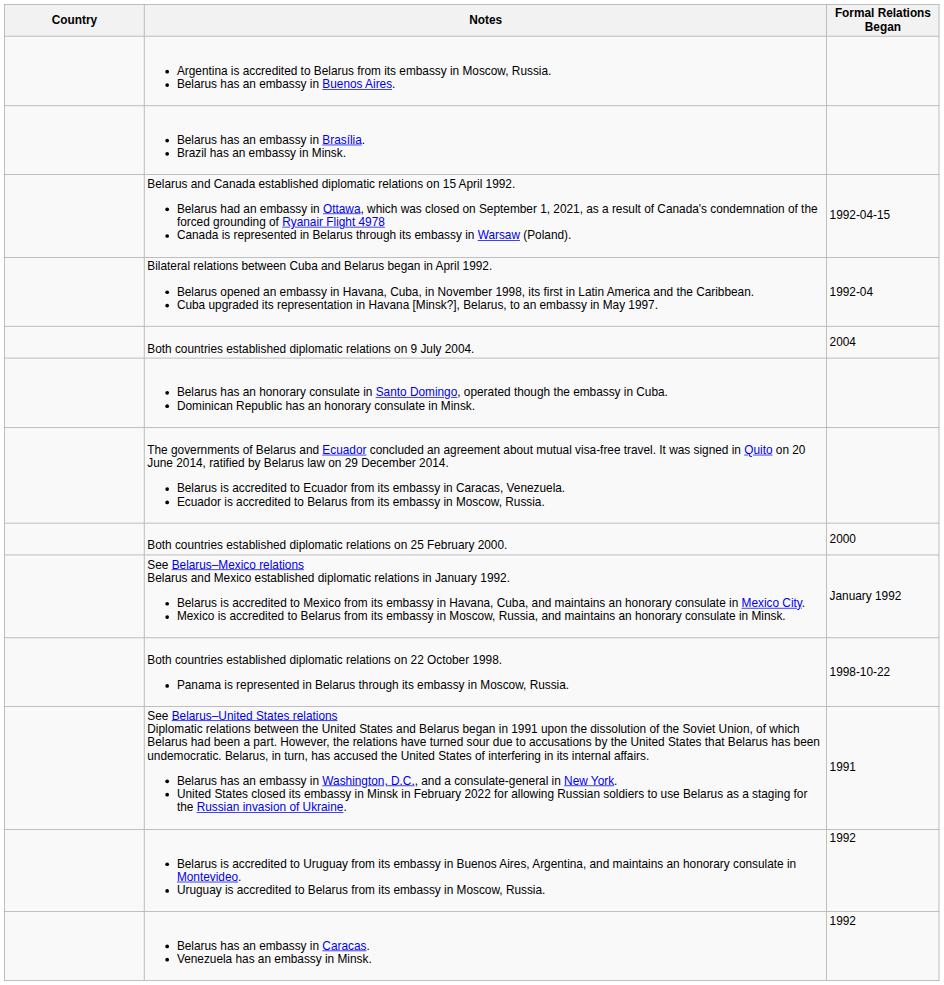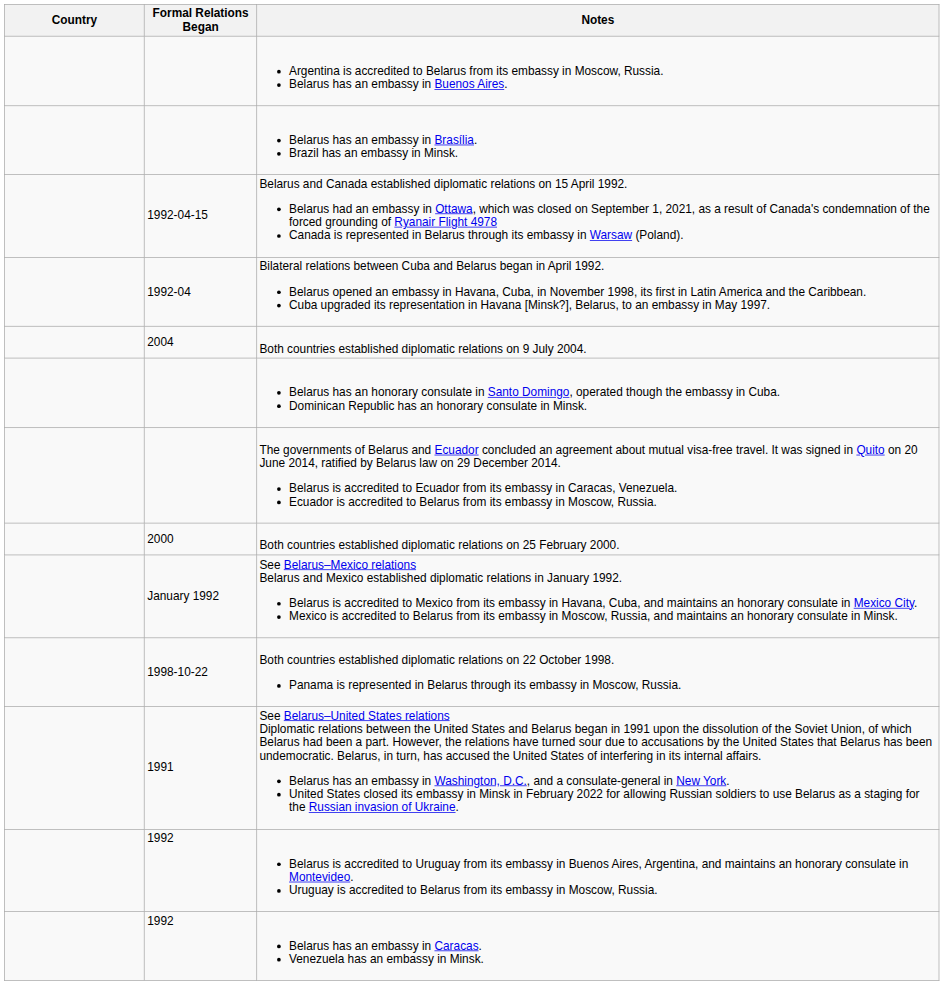 <table class="wikitable sortable" style="width:100%; margin:auto;">
 <tr>
 <th style="width:15%;">Country</th>
+<th style="width:12%;">Formal Relations Began</th>
 <th>Notes</th>
-<th style="width:12%;">Formal Relations Began</th>
 </tr>
 <tr - valign="top">
 <td></td>
+<td></td>
 <td><br><ul><li>Argentina is accredited to Belarus from its embassy in Moscow, Russia.</li><li>Belarus has an embassy in <a href='#'>Buenos Aires</a>.</li></ul></td>
-<td></td>
 </tr>
 <tr - valign="top">
 <td></td>
+<td></td>
 <td><br><ul><li>Belarus has an embassy in <a href='#'>Brasília</a>.</li><li>Brazil has an embassy in Minsk.</li></ul></td>
-<td></td>
 </tr>
 <tr -valign="top">
 <td></td>
+<td>1992-04-15</td>
 <td>Belarus and Canada established diplomatic relations on 15 April 1992.<br><ul><li>Belarus had an embassy in <a href='#'>Ottawa</a>, which was closed on September 1, 2021, as a result of Canada's condemnation of the forced grounding of <a href='#'>Ryanair Flight 4978</a></li><li>Canada is represented in Belarus through its embassy in <a href='#'>Warsaw</a> (Poland).</li></ul></td>
-<td>1992-04-15</td>
 </tr>
 <tr -valign="top">
 <td></td>
+<td>1992-04</td>
 <td>Bilateral relations between Cuba and Belarus began in April 1992.<br><ul><li>Belarus opened an embassy in Havana, Cuba, in November 1998, its first in Latin America and the Caribbean.</li><li>Cuba upgraded its representation in Havana [Minsk?], Belarus, to an embassy in May 1997.</li></ul></td>
-<td>1992-04</td>
 </tr>
 <tr -valign="top">
 <td></td>
+<td>2004</td>
 <td><br>Both countries established diplomatic relations on 9 July 2004.</td>
-<td>2004</td>
 </tr>
 <tr - valign="top">
 <td></td>
+<td></td>
 <td><br><ul><li>Belarus has an honorary consulate in <a href='#'>Santo Domingo</a>, operated though the embassy in Cuba.</li><li>Dominican Republic has an honorary consulate in Minsk.</li></ul></td>
-<td></td>
 </tr>
 <tr - valign="top">
 <td></td>
+<td></td>
 <td><br>The governments of Belarus and <a href='#'>Ecuador</a> concluded an agreement about mutual visa-free travel. It was signed in <a href='#'>Quito</a> on 20 June 2014, ratified by Belarus law on 29 December 2014.<ul><li>Belarus is accredited to Ecuador from its embassy in Caracas, Venezuela.</li><li>Ecuador is accredited to Belarus from its embassy in Moscow, Russia.</li></ul></td>
-<td></td>
 </tr>
 <tr -valign="top">
 <td></td>
+<td>2000</td>
 <td><br>Both countries established diplomatic relations on 25 February 2000.</td>
-<td>2000</td>
 </tr>
 <tr -valign="top">
 <td></td>
+<td>January 1992</td>
 <td>See <a href='#'>Belarus–Mexico relations</a><br>Belarus and Mexico established diplomatic relations in January 1992.<ul><li>Belarus is accredited to Mexico from its embassy in Havana, Cuba, and maintains an honorary consulate in <a href='#'>Mexico City</a>.</li><li>Mexico is accredited to Belarus from its embassy in Moscow, Russia, and maintains an honorary consulate in Minsk.</li></ul></td>
-<td>January 1992</td>
 </tr>
 <tr -valign="top">
 <td></td>
+<td>1998-10-22</td>
 <td><br>Both countries established diplomatic relations on 22 October 1998.<ul><li>Panama is represented in Belarus through its embassy in Moscow, Russia.</li></ul></td>
-<td>1998-10-22</td>
 </tr>
 <tr -valign="top">
 <td></td>
+<td>1991</td>
 <td>See <a href='#'>Belarus–United States relations</a><br> Diplomatic relations between the United States and Belarus began in 1991 upon the dissolution of the Soviet Union, of which Belarus had been a part. However, the relations have turned sour due to accusations by the United States that Belarus has been undemocratic. Belarus, in turn, has accused the United States of interfering in its internal affairs.<ul><li>Belarus has an embassy in <a href='#'>Washington, D.C.</a>, and a consulate-general in <a href='#'>New York</a>.</li><li>United States closed its embassy in Minsk in February 2022 for allowing Russian soldiers to use Belarus as a staging for the <a href='#'>Russian invasion of Ukraine</a>.</li></ul></td>
-<td>1991</td>
 </tr>
 <tr - valign="top">
 <td></td>
+<td>1992</td>
 <td><br><ul><li>Belarus is accredited to Uruguay from its embassy in Buenos Aires, Argentina, and maintains an honorary consulate in <a href='#'>Montevideo</a>.</li><li>Uruguay is accredited to Belarus from its embassy in Moscow, Russia.</li></ul></td>
-<td>1992</td>
 </tr>
 <tr - valign="top">
 <td></td>
+<td>1992</td>
 <td><br><ul><li>Belarus has an embassy in <a href='#'>Caracas</a>.</li><li>Venezuela has an embassy in Minsk.</li></ul></td>
-<td>1992</td>
 </tr>
 </table>
